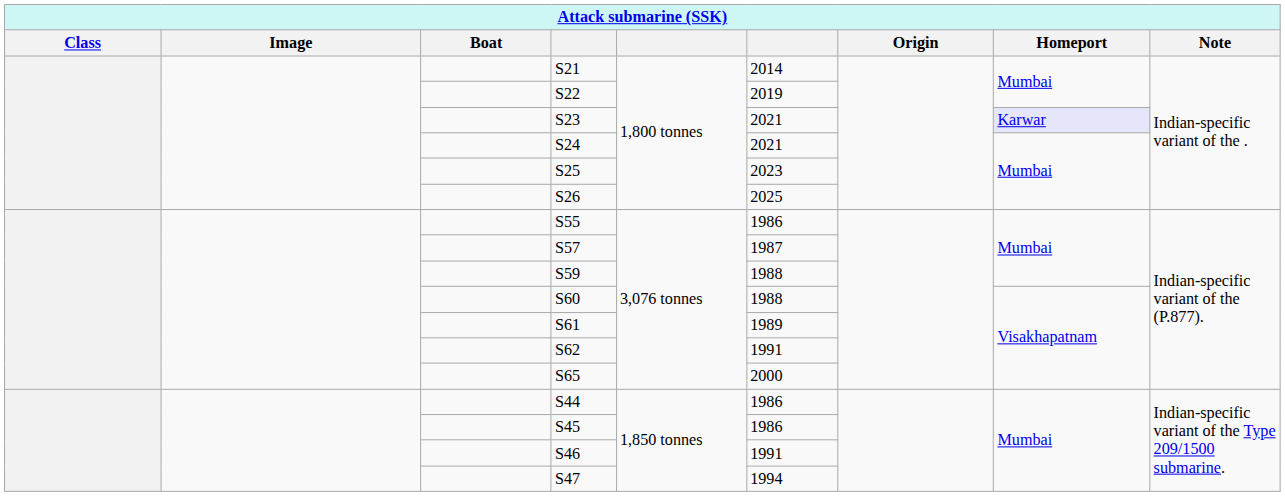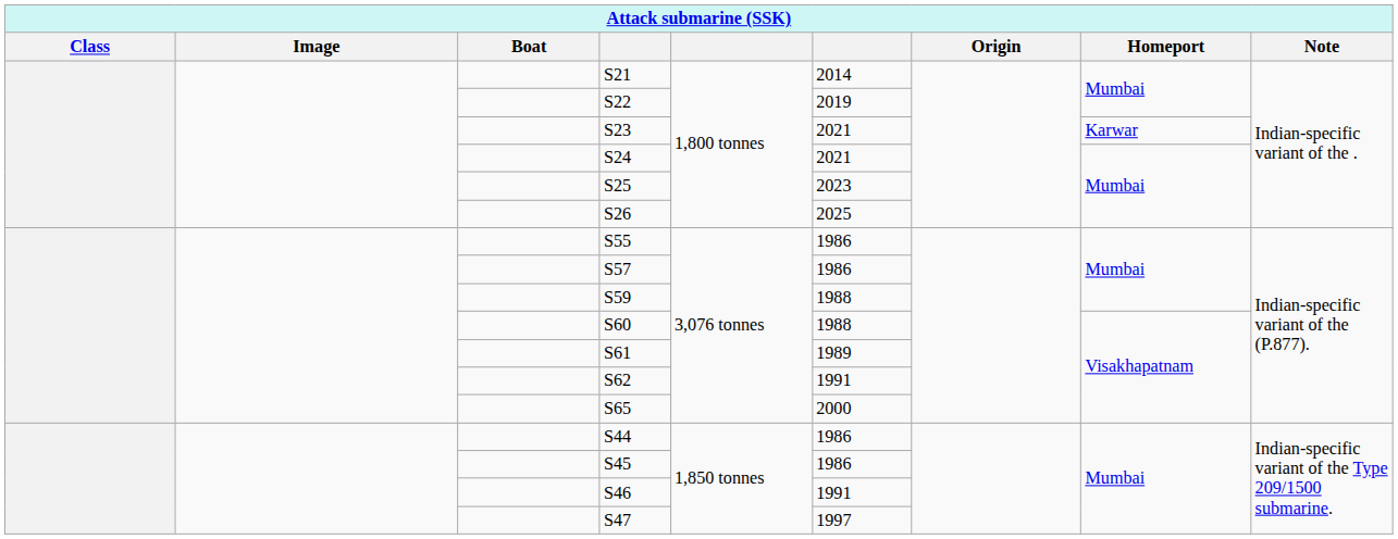 <table class="wikitable" style="margin:auto; width:100%;">
 <tr>
 <th colspan="9" style="align: center; background: #CEF6F5;"><a href='#'>Attack submarine (SSK)</a></th>
 </tr>
 <tr>
 <th style="text-align:center; width:12%;"><a href='#'>Class</a></th>
 <th style="text-align:center; width:20%;">Image</th>
 <th style="text-align:center; width:10%;">Boat</th>
 <th style="text-align:center; width:5%;"></th>
 <th style="text-align:center; width:10%;"></th>
 <th style="text-align:center; width:7%;"></th>
 <th style="text-align:center; width:12%;">Origin</th>
 <th style="text-align:center; width:12%;">Homeport</th>
 <th style="text-align:center; width:10%;">Note</th>
 </tr>
 <tr>
 <th rowspan="6"></th>
 <td rowspan="6"></td>
 <td></td>
 <td>S21</td>
 <td rowspan="6">1,800 tonnes</td>
 <td>2014</td>
 <td rowspan="6"><br></td>
 <td rowspan="2"><a href='#'>Mumbai</a></td>
 <td rowspan="6">Indian-specific variant of the .</td>
 </tr>
 <tr>
 <td></td>
 <td>S22</td>
 <td>2019</td>
 </tr>
 <tr>
 <td></td>
 <td>S23</td>
 <td>2021</td>
-<td style="background: lavender;"><a href='#'>Karwar</a></td>
+<td><a href='#'>Karwar</a></td>
 </tr>
 <tr>
 <td></td>
 <td>S24</td>
 <td>2021</td>
 <td rowspan="3"><a href='#'>Mumbai</a></td>
 </tr>
 <tr>
 <td></td>
 <td>S25</td>
 <td>2023</td>
 </tr>
 <tr>
 <td></td>
 <td>S26</td>
 <td>2025</td>
 </tr>
 <tr>
 <th rowspan="7"></th>
 <td rowspan="7"></td>
 <td></td>
 <td>S55</td>
 <td rowspan="7">3,076 tonnes</td>
 <td>1986</td>
 <td rowspan="7"><br></td>
 <td rowspan="3"><a href='#'>Mumbai</a></td>
 <td rowspan="7">Indian-specific variant of the  (P.877).</td>
 </tr>
 <tr>
 <td></td>
 <td>S57</td>
-<td>1987</td>
+<td>1986</td>
 </tr>
 <tr>
 <td></td>
 <td>S59</td>
 <td>1988</td>
 </tr>
 <tr>
 <td></td>
 <td>S60</td>
 <td>1988</td>
 <td rowspan="4"><a href='#'>Visakhapatnam</a></td>
 </tr>
 <tr>
 <td></td>
 <td>S61</td>
 <td>1989</td>
 </tr>
 <tr>
 <td></td>
 <td>S62</td>
 <td>1991</td>
 </tr>
 <tr>
 <td></td>
 <td>S65</td>
 <td>2000</td>
 </tr>
 <tr>
 <th rowspan="4"></th>
 <td rowspan="4"></td>
 <td></td>
 <td>S44</td>
 <td rowspan="4">1,850 tonnes</td>
 <td>1986</td>
 <td rowspan="4"><br></td>
 <td rowspan="4"><a href='#'>Mumbai</a></td>
 <td rowspan="4">Indian-specific variant of the <a href='#'>Type 209/1500 submarine</a>.</td>
 </tr>
 <tr>
 <td></td>
 <td>S45</td>
 <td>1986</td>
 </tr>
 <tr>
 <td></td>
 <td>S46</td>
 <td>1991</td>
 </tr>
 <tr>
 <td></td>
 <td>S47</td>
-<td>1994</td>
+<td>1997</td>
 </tr>
 </table>
